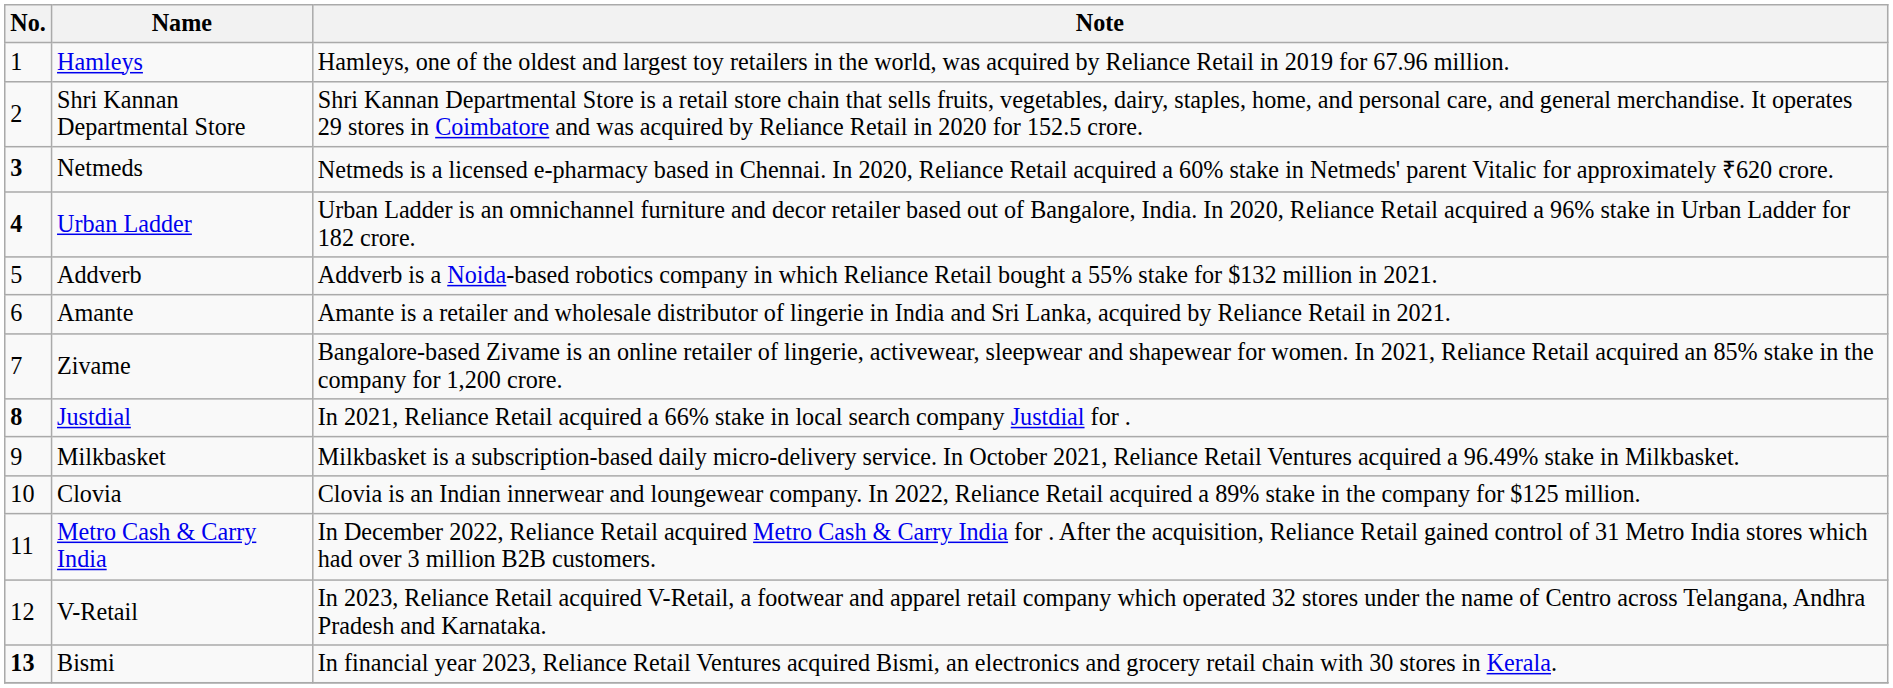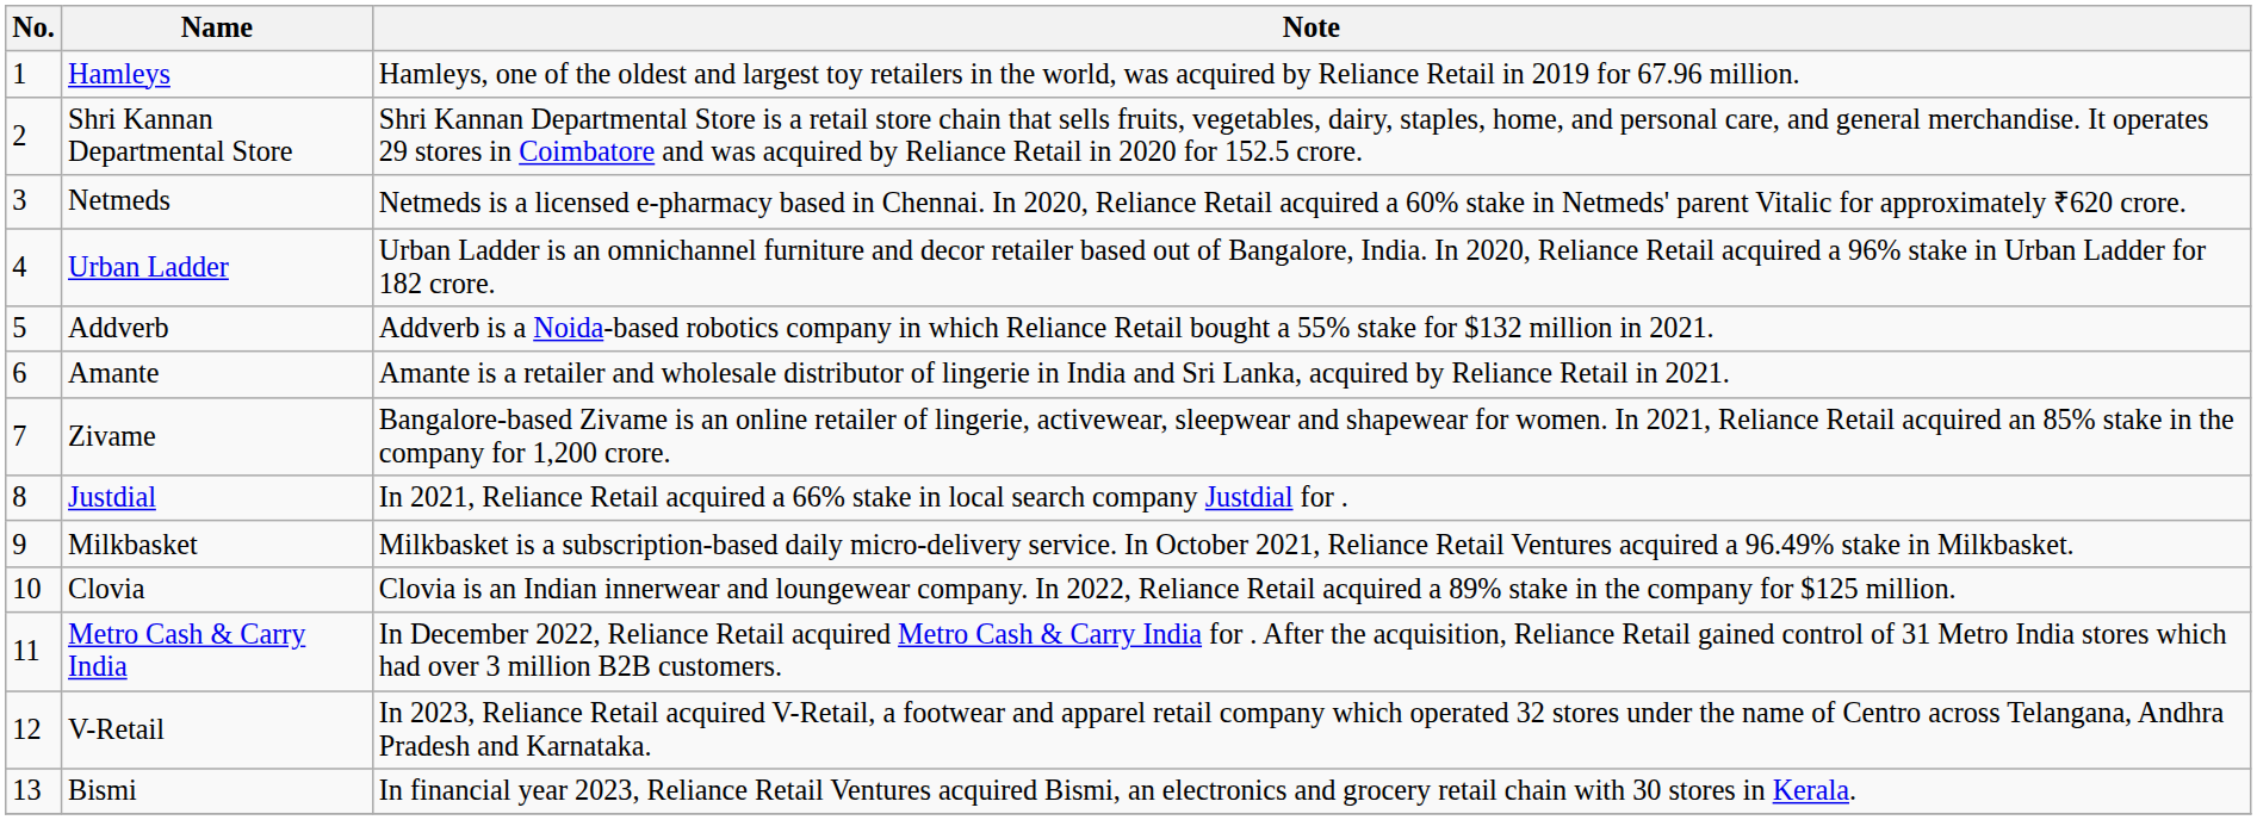 <table class="wikitable">
 <tr>
 <th>No.</th>
 <th>Name</th>
 <th>Note</th>
 </tr>
 <tr>
 <td>1</td>
 <td><a href='#'>Hamleys</a></td>
 <td>Hamleys, one of the oldest and largest toy retailers in the world, was acquired by Reliance Retail in 2019 for 67.96 million.</td>
 </tr>
 <tr>
 <td>2</td>
 <td>Shri Kannan Departmental Store</td>
 <td>Shri Kannan Departmental Store is a retail store chain that sells fruits, vegetables, dairy, staples, home, and personal care, and general merchandise. It operates 29 stores in <a href='#'>Coimbatore</a> and was acquired by Reliance Retail in 2020 for 152.5 crore.</td>
 </tr>
 <tr>
-<td><strong>3</strong></td>
+<td>3</td>
 <td>Netmeds</td>
 <td>Netmeds is a licensed e-pharmacy based in Chennai. In 2020, Reliance Retail acquired a 60% stake in Netmeds' parent Vitalic for approximately ₹620 crore.</td>
 </tr>
 <tr>
-<td><strong>4</strong></td>
+<td>4</td>
 <td><a href='#'>Urban Ladder</a></td>
 <td>Urban Ladder is an omnichannel furniture and decor retailer based out of Bangalore, India. In 2020, Reliance Retail acquired a 96% stake in Urban Ladder for 182 crore.</td>
 </tr>
 <tr>
 <td>5</td>
 <td>Addverb</td>
 <td>Addverb is a <a href='#'>Noida</a>-based robotics company in which Reliance Retail bought a 55% stake for $132 million in 2021.</td>
 </tr>
 <tr>
 <td>6</td>
 <td>Amante</td>
 <td>Amante is a retailer and wholesale distributor of lingerie in India and Sri Lanka, acquired by Reliance Retail in 2021.</td>
 </tr>
 <tr>
 <td>7</td>
 <td>Zivame</td>
 <td>Bangalore-based Zivame is an online retailer of lingerie, activewear, sleepwear and shapewear for women. In 2021, Reliance Retail acquired an 85% stake in the company for 1,200 crore.</td>
 </tr>
 <tr>
-<td><strong>8</strong></td>
+<td>8</td>
 <td><a href='#'>Justdial</a></td>
 <td>In 2021, Reliance Retail acquired a 66% stake in local search company <a href='#'>Justdial</a> for .</td>
 </tr>
 <tr>
 <td>9</td>
 <td>Milkbasket</td>
 <td>Milkbasket is a subscription-based daily micro-delivery service. In October 2021, Reliance Retail Ventures acquired a 96.49% stake in Milkbasket.</td>
 </tr>
 <tr>
 <td>10</td>
 <td>Clovia</td>
 <td>Clovia is an Indian innerwear and loungewear company. In 2022, Reliance Retail acquired a 89% stake in the company for $125 million.</td>
 </tr>
 <tr>
 <td>11</td>
 <td><a href='#'>Metro Cash & Carry India</a></td>
 <td>In December 2022, Reliance Retail acquired <a href='#'>Metro Cash & Carry India</a> for . After the acquisition, Reliance Retail gained control of 31 Metro India stores which had over 3 million B2B customers.</td>
 </tr>
 <tr>
 <td>12</td>
 <td>V-Retail</td>
 <td>In 2023, Reliance Retail acquired V-Retail, a footwear and apparel retail company which operated 32 stores under the name of Centro across Telangana, Andhra Pradesh and Karnataka.</td>
 </tr>
 <tr>
-<td><strong>13</strong></td>
+<td>13</td>
 <td>Bismi</td>
 <td>In financial year 2023, Reliance Retail Ventures acquired Bismi, an electronics and grocery retail chain with 30 stores in <a href='#'>Kerala</a>.</td>
 </tr>
 <tr>
 </tr>
 </table>
